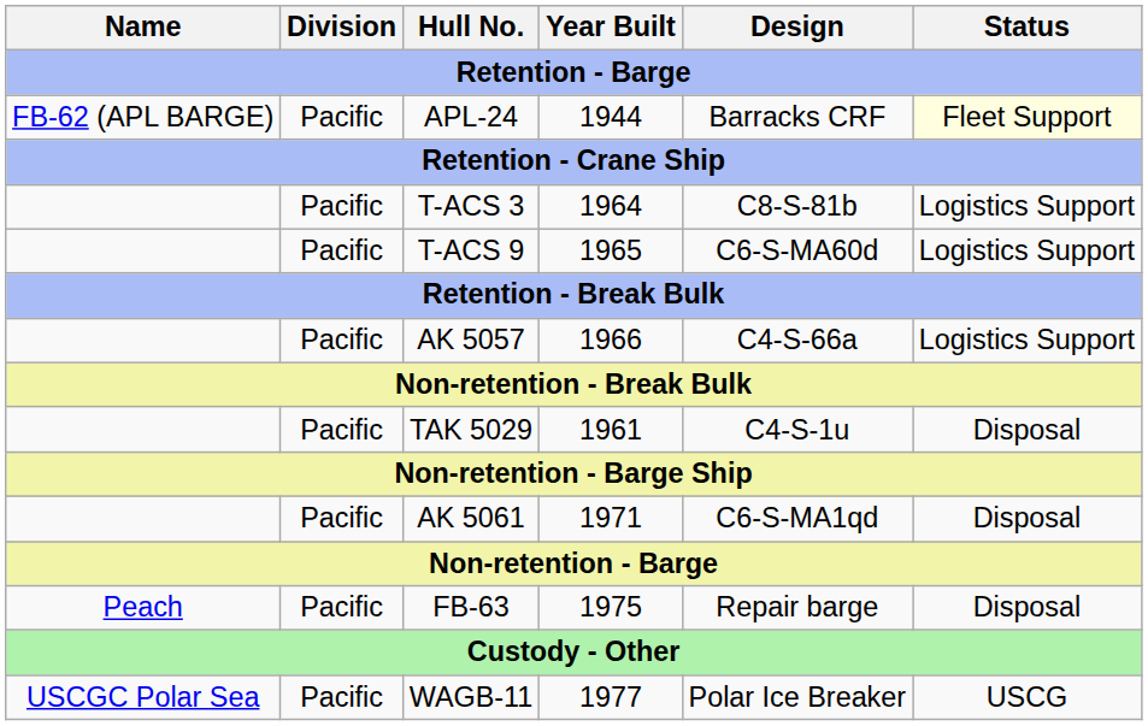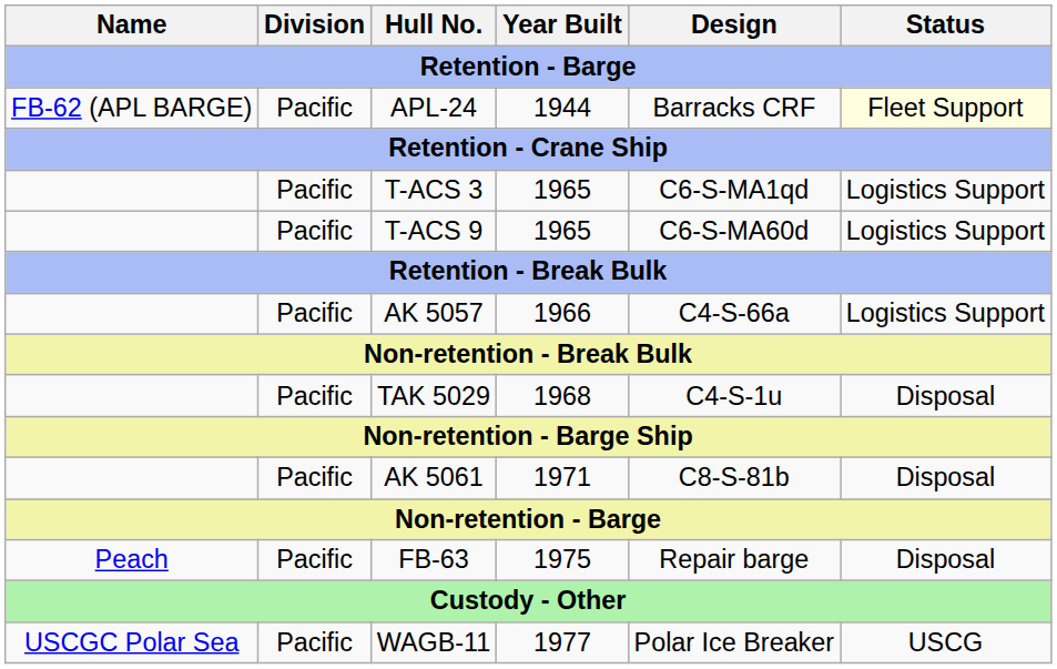 <table class="wikitable" style="text-align: center;">
 <tr>
 <th>Name</th>
 <th>Division</th>
 <th>Hull No.</th>
 <th>Year Built</th>
 <th>Design</th>
 <th>Status</th>
 </tr>
 <tr>
 <th style="align: center; background: #A9BCF5;" colspan="7">Retention - Barge</th>
 </tr>
 <tr>
 <td><a href='#'>FB-62</a> (APL BARGE)</td>
 <td>Pacific</td>
 <td>APL-24</td>
 <td>1944</td>
 <td>Barracks CRF</td>
 <td style="background: lightyellow;">Fleet Support</td>
 </tr>
 <tr>
 <th style="align: center; background: #A9BCF5;" colspan="7">Retention - Crane Ship</th>
 </tr>
 <tr>
 <td></td>
 <td>Pacific</td>
 <td>T-ACS 3</td>
-<td>1964</td>
-<td>C8-S-81b</td>
+<td>1965</td>
+<td>C6-S-MA1qd</td>
 <td>Logistics Support</td>
 </tr>
 <tr>
 <td></td>
 <td>Pacific</td>
 <td>T-ACS 9</td>
 <td>1965</td>
 <td>C6-S-MA60d</td>
 <td>Logistics Support</td>
 </tr>
 <tr>
 <th style="align: center; background: #A9BCF5;" colspan="7">Retention - Break Bulk</th>
 </tr>
 <tr>
 <td></td>
 <td>Pacific</td>
 <td>AK 5057</td>
 <td>1966</td>
 <td>C4-S-66a</td>
 <td>Logistics Support</td>
 </tr>
 <tr>
 <th style="align: center; background: #F2F5A9;" colspan="7">Non-retention - Break Bulk</th>
 </tr>
 <tr>
 <td></td>
 <td>Pacific</td>
 <td>TAK 5029</td>
-<td>1961</td>
+<td>1968</td>
 <td>C4-S-1u</td>
 <td>Disposal</td>
 </tr>
 <tr>
 <th style="align: center; background: #F2F5A9;" colspan="7">Non-retention - Barge Ship</th>
 </tr>
 <tr>
 <td></td>
 <td>Pacific</td>
 <td>AK 5061</td>
 <td>1971</td>
-<td>C6-S-MA1qd</td>
+<td>C8-S-81b</td>
 <td>Disposal</td>
 </tr>
 <tr>
 <th style="align: center; background: #F2F5A9;" colspan="7">Non-retention - Barge</th>
 </tr>
 <tr>
 <td><a href='#'>Peach</a></td>
 <td>Pacific</td>
 <td>FB-63</td>
 <td>1975</td>
 <td>Repair barge</td>
 <td>Disposal</td>
 </tr>
 <tr>
 <th style="align: center; background: #AEF2AC;" colspan="7">Custody - Other</th>
 </tr>
 <tr>
 <td><a href='#'>USCGC Polar Sea</a></td>
 <td>Pacific</td>
 <td>WAGB-11</td>
 <td>1977</td>
 <td>Polar Ice Breaker</td>
 <td>USCG</td>
 </tr>
 </table>
